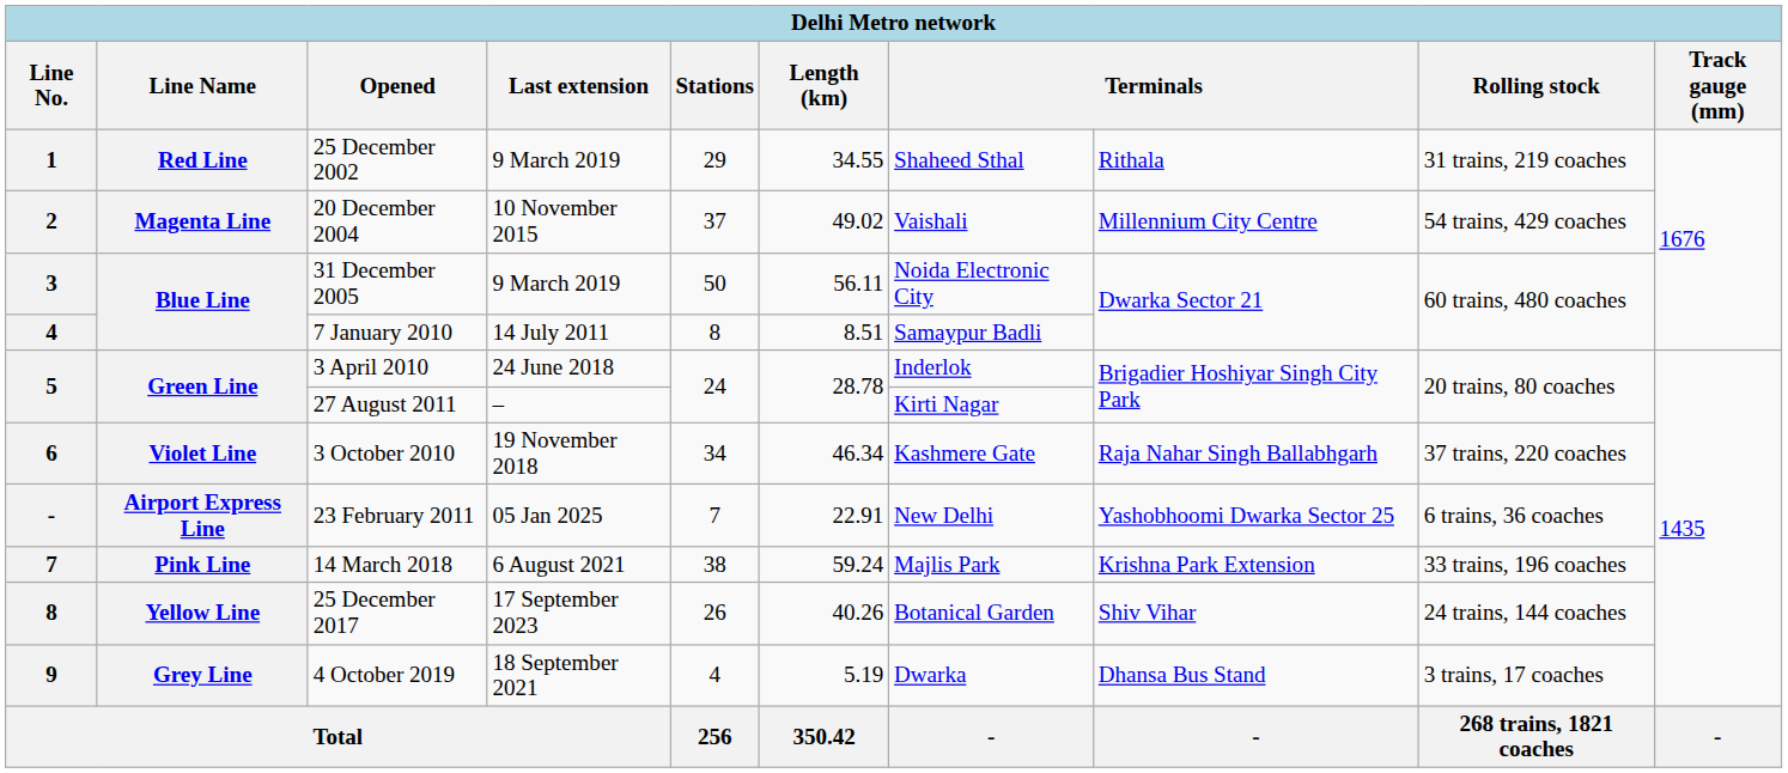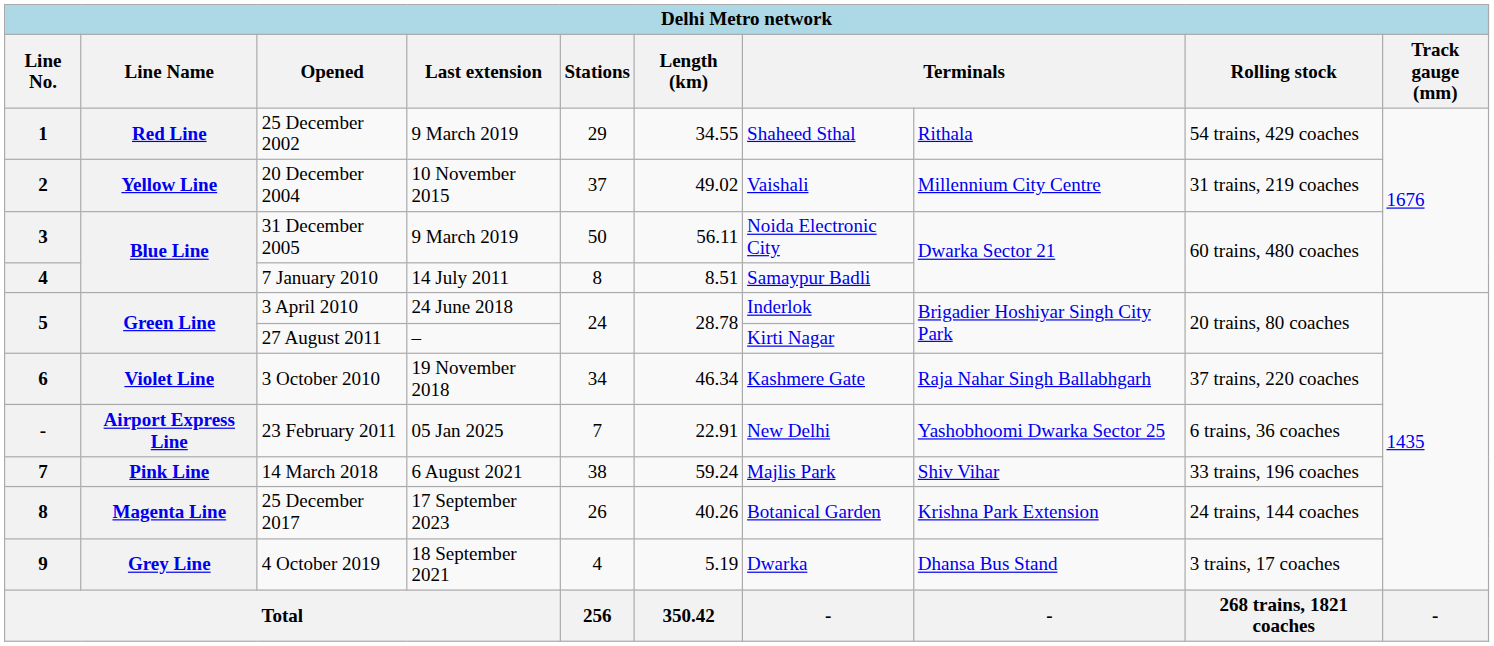 <table class="wikitable sortable">
 <tr>
 <th style="background:#ADD8E6;" colspan="10">Delhi Metro network</th>
 </tr>
 <tr>
 <th>Line No.</th>
 <th>Line Name</th>
 <th>Opened</th>
 <th>Last extension</th>
 <th>Stations</th>
 <th>Length (km)</th>
 <th colspan="2">Terminals</th>
 <th>Rolling stock</th>
 <th>Track gauge<br>(mm)</th>
 </tr>
 <tr>
 <th>1</th>
 <th style="background:#"><a href='#'><span>Red Line</span></a></th>
 <td>25 December 2002</td>
 <td>9 March 2019</td>
 <td style="text-align:center;">29</td>
 <td style="text-align:right;">34.55</td>
 <td><a href='#'>Shaheed Sthal</a></td>
 <td><a href='#'>Rithala</a></td>
-<td>31 trains, 219 coaches</td>
+<td>54 trains, 429 coaches</td>
 <td rowspan="4"><a href='#'>1676</a></td>
 </tr>
 <tr>
 <th>2</th>
-<th style="background:#"><a href='#'><span>Magenta Line</span></a></th>
+<th style="background:#"><a href='#'><span>Yellow Line</span></a></th>
 <td>20 December 2004</td>
 <td>10 November 2015</td>
 <td style="text-align:center;">37</td>
 <td style="text-align:right;">49.02</td>
 <td><a href='#'>Vaishali</a></td>
 <td><a href='#'>Millennium City Centre</a></td>
-<td>54 trains, 429 coaches</td>
+<td>31 trains, 219 coaches</td>
 </tr>
 <tr>
 <th>3</th>
 <th rowspan="2" style="background:#"><a href='#'><span>Blue Line</span></a></th>
 <td>31 December 2005</td>
 <td>9 March 2019</td>
 <td style="text-align:center;">50</td>
 <td style="text-align:right;">56.11</td>
 <td><a href='#'>Noida Electronic City</a></td>
 <td rowspan="2"><a href='#'>Dwarka Sector 21</a></td>
 <td rowspan="2">60 trains, 480 coaches</td>
 </tr>
 <tr>
 <th>4</th>
 <td>7 January 2010</td>
 <td>14 July 2011</td>
 <td style="text-align:center;">8</td>
 <td style="text-align:right;">8.51</td>
 <td><a href='#'>Samaypur Badli</a></td>
 </tr>
 <tr>
 <th rowspan="2">5</th>
 <th rowspan="2" style="background:#"><a href='#'><span>Green Line</span></a></th>
 <td>3 April 2010</td>
 <td style="text-align:left;">24 June 2018</td>
 <td rowspan="2" style="text-align:center;">24</td>
 <td rowspan=2 style="text-align:right;">28.78</td>
 <td><a href='#'>Inderlok</a></td>
 <td rowspan="2"><a href='#'>Brigadier Hoshiyar Singh City Park</a></td>
 <td rowspan="2">20 trains, 80 coaches</td>
 <td rowspan="7"><a href='#'>1435</a></td>
 </tr>
 <tr>
 <td>27 August 2011</td>
 <td style="text-align:left;">–</td>
 <td><a href='#'>Kirti Nagar</a></td>
 </tr>
 <tr>
 <th>6</th>
 <th style="background:#"><a href='#'><span>Violet Line</span></a></th>
 <td>3 October 2010</td>
 <td>19 November 2018</td>
 <td style="text-align:center;">34</td>
 <td style="text-align:right;">46.34</td>
 <td><a href='#'>Kashmere Gate</a></td>
 <td><a href='#'>Raja Nahar Singh Ballabhgarh</a></td>
 <td>37 trains, 220 coaches</td>
 </tr>
 <tr>
 <th>-</th>
 <th style="background:#"><a href='#'><span>Airport Express Line</span></a></th>
 <td>23 February 2011</td>
 <td>05 Jan 2025</td>
 <td style="text-align:center;">7</td>
 <td style="text-align:right;">22.91</td>
 <td><a href='#'>New Delhi</a></td>
 <td><a href='#'>Yashobhoomi Dwarka Sector 25</a></td>
 <td>6 trains, 36 coaches</td>
 </tr>
 <tr>
 <th>7</th>
 <th style="text-align:center; background:#"><a href='#'><span>Pink Line</span></a></th>
 <td>14 March 2018</td>
 <td style="text-align:left;">6 August 2021</td>
 <td style="text-align:center;">38</td>
 <td style="text-align:right;">59.24</td>
 <td><a href='#'>Majlis Park</a></td>
-<td><a href='#'>Krishna Park Extension</a></td>
+<td><a href='#'>Shiv Vihar</a></td>
 <td>33 trains, 196 coaches</td>
 </tr>
 <tr>
 <th>8</th>
-<th style="background:#"><a href='#'><span>Yellow Line</span></a></th>
+<th style="background:#"><a href='#'><span>Magenta Line</span></a></th>
 <td>25 December 2017</td>
 <td style="text-align:left;">17 September 2023</td>
 <td style="text-align:center;">26</td>
 <td style="text-align:right;">40.26</td>
 <td><a href='#'>Botanical Garden</a></td>
-<td><a href='#'>Shiv Vihar</a></td>
+<td><a href='#'>Krishna Park Extension</a></td>
 <td>24 trains, 144 coaches</td>
 </tr>
 <tr>
 <th>9</th>
 <th style="background:#"><a href='#'><span>Grey Line</span></a></th>
 <td>4 October 2019</td>
 <td>18 September 2021</td>
 <td style="text-align:center;">4</td>
 <td style="text-align:right;">5.19</td>
 <td><a href='#'>Dwarka</a></td>
 <td><a href='#'>Dhansa Bus Stand</a></td>
 <td>3 trains, 17 coaches</td>
 </tr>
 <tr>
 <th colspan="4">Total</th>
 <th !style="text-align:right;">256</th>
 <th>350.42</th>
 <th>-</th>
 <th>-</th>
 <th>268 trains, 1821 coaches</th>
 <th>-</th>
 </tr>
 </table>
